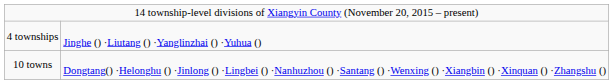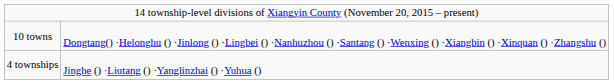 <table class="wikitable">
 <tr>
 <td style="text-align:center;" colspan="2">14 township-level divisions of <a href='#'>Xiangyin County</a> (November 20, 2015 – present)</td>
 </tr>
 <tr align=left>
+<td align=center>10 towns</td>
+<td><br><a href='#'>Dongtang</a>() ·<a href='#'>Helonghu</a> () ·<a href='#'>Jinlong</a> () ·<a href='#'>Lingbei</a> () ·<a href='#'>Nanhuzhou</a> () ·<a href='#'>Santang</a> () ·<a href='#'>Wenxing</a> () ·<a href='#'>Xiangbin</a> () ·<a href='#'>Xinquan</a> () ·<a href='#'>Zhangshu</a> ()</td>
+</tr>
+<tr align=left>
 <td align=center>4 townships</td>
 <td><br><a href='#'>Jinghe</a> () ·<a href='#'>Liutang</a> () ·<a href='#'>Yanglinzhai</a> () ·<a href='#'>Yuhua</a> ()</td>
 </tr>
-<tr align=left>
-<td align=center>10 towns</td>
-<td><br><a href='#'>Dongtang</a>() ·<a href='#'>Helonghu</a> () ·<a href='#'>Jinlong</a> () ·<a href='#'>Lingbei</a> () ·<a href='#'>Nanhuzhou</a> () ·<a href='#'>Santang</a> () ·<a href='#'>Wenxing</a> () ·<a href='#'>Xiangbin</a> () ·<a href='#'>Xinquan</a> () ·<a href='#'>Zhangshu</a> ()</td>
-</tr>
 </table>
